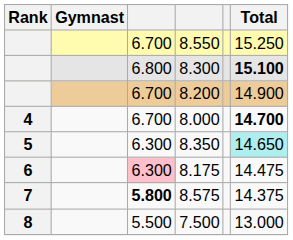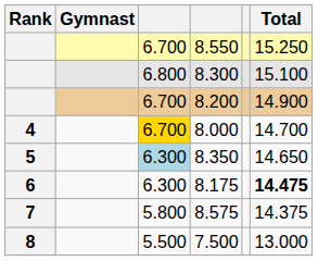 <table class="wikitable sortable" style="text-align:center; font-size:95%">
 <tr>
 <th scope=col>Rank</th>
 <th scope=col>Gymnast</th>
 <th scope=col></th>
 <th scope=col></th>
 <th scope=col></th>
 <th scope=col>Total</th>
 </tr>
 <tr bgcolor=fffcaf>
 <th scope=row></th>
 <td align=left></td>
 <td>6.700</td>
 <td>8.550</td>
 <td></td>
 <td>15.250</td>
 </tr>
 <tr bgcolor=e5e5e5>
 <th scope=row></th>
 <td align=left></td>
 <td>6.800</td>
 <td>8.300</td>
 <td></td>
-<td><strong>15.100</strong></td>
+<td>15.100</td>
 </tr>
 <tr bgcolor=eecc99>
 <th scope=row></th>
 <td align=left></td>
 <td>6.700</td>
 <td>8.200</td>
 <td></td>
 <td>14.900</td>
 </tr>
 <tr>
 <th scope=row>4</th>
 <td align=left></td>
-<td>6.700</td>
+<td style="background: gold;">6.700</td>
 <td>8.000</td>
 <td></td>
-<td><strong>14.700</strong></td>
+<td>14.700</td>
 </tr>
 <tr>
 <th scope=row>5</th>
 <td align=left></td>
-<td>6.300</td>
+<td style="background: lightblue;">6.300</td>
 <td>8.350</td>
 <td></td>
-<td style="background: paleturquoise;">14.650</td>
+<td>14.650</td>
 </tr>
 <tr>
 <th scope=row>6</th>
 <td align=left></td>
-<td style="background: pink;">6.300</td>
+<td>6.300</td>
 <td>8.175</td>
 <td></td>
-<td>14.475</td>
+<td><strong>14.475</strong></td>
 </tr>
 <tr>
 <th scope=row>7</th>
 <td align=left></td>
-<td><strong>5.800</strong></td>
+<td>5.800</td>
 <td>8.575</td>
 <td></td>
 <td>14.375</td>
 </tr>
 <tr>
 <th scope=row>8</th>
 <td align=left></td>
 <td>5.500</td>
 <td>7.500</td>
 <td></td>
 <td>13.000</td>
 </tr>
 <tr>
 </tr>
 </table>
